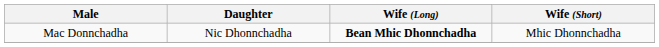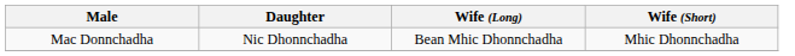 <table class="wikitable" style="text-align:right">
 <tr>
 <th width=20%>Male</th>
 <th width=20%>Daughter</th>
 <th width=20%>Wife <em><small>(Long)</small></em></th>
 <th width=20%>Wife <em><small>(Short)</small></em></th>
 </tr>
 <tr>
 <td align="center">Mac Donnchadha</td>
 <td align="center">Nic Dhonnchadha</td>
-<td align="center"><strong>Bean Mhic Dhonnchadha</strong></td>
+<td align="center">Bean Mhic Dhonnchadha</td>
 <td align="center">Mhic Dhonnchadha</td>
 </tr>
 <tr>
 </tr>
 </table>
